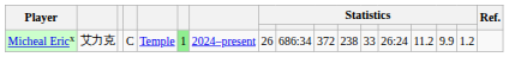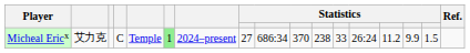 <table class="wikitable sortable" style="font-size:95%; text-align:right;">
 <tr>
 <th rowspan="2">Player</th>
 <th rowspan="2"></th>
 <th rowspan="2"></th>
 <th rowspan="2"></th>
 <th rowspan="2"></th>
 <th rowspan="2"></th>
 <th rowspan="2"></th>
 <th colspan="9">Statistics</th>
 <th rowspan="2">Ref.</th>
 </tr>
 <tr>
 <th></th>
 <th></th>
 <th></th>
 <th></th>
 <th></th>
 <th></th>
 <th></th>
 <th></th>
 <th></th>
 </tr>
 <tr>
 <td align="left" bgcolor="#CCFFCC"><a href='#'>Micheal Eric</a><sup>x</sup></td>
 <td align="left">艾力克</td>
 <td align="center"></td>
 <td align="center">C</td>
 <td align="left"><a href='#'>Temple</a></td>
 <td align="center" style="background: lightgreen;">1</td>
 <td align="center"><a href='#'>2024–present</a></td>
-<td>26</td>
+<td>27</td>
 <td>686:34</td>
-<td>372</td>
+<td>370</td>
 <td>238</td>
 <td>33</td>
 <td>26:24</td>
 <td>11.2</td>
 <td>9.9</td>
-<td>1.2</td>
+<td>1.5</td>
 <td align="center"></td>
 </tr>
 </table>
